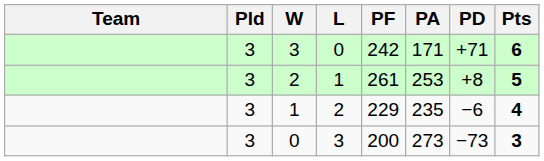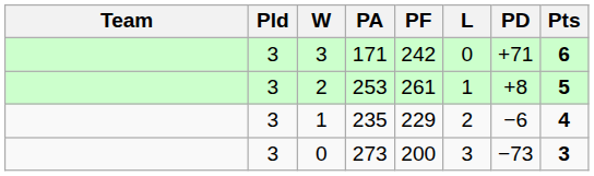 <table class=wikitable style="text-align:center">
 <tr>
 <th width=180>Team</th>
 <th width=30>Pld</th>
 <th width=30>W</th>
+<th width=30>PA</th>
+<th width=30>PF</th>
 <th width=30>L</th>
-<th width=30>PF</th>
-<th width=30>PA</th>
 <th width=30>PD</th>
 <th width=30>Pts</th>
 </tr>
 <tr align=center bgcolor="#ccffcc">
 <td align=left></td>
 <td>3</td>
 <td>3</td>
+<td>171</td>
+<td>242</td>
 <td>0</td>
-<td>242</td>
-<td>171</td>
 <td>+71</td>
 <td><strong>6</strong></td>
 </tr>
 <tr align=center bgcolor="#ccffcc">
 <td align=left></td>
 <td>3</td>
 <td>2</td>
+<td>253</td>
+<td>261</td>
 <td>1</td>
-<td>261</td>
-<td>253</td>
 <td>+8</td>
 <td><strong>5</strong></td>
 </tr>
 <tr align=center>
 <td align=left></td>
 <td>3</td>
 <td>1</td>
+<td>235</td>
+<td>229</td>
 <td>2</td>
-<td>229</td>
-<td>235</td>
 <td>−6</td>
 <td><strong>4</strong></td>
 </tr>
 <tr align=center>
 <td align=left></td>
 <td>3</td>
 <td>0</td>
+<td>273</td>
+<td>200</td>
 <td>3</td>
-<td>200</td>
-<td>273</td>
 <td>−73</td>
 <td><strong>3</strong></td>
 </tr>
 </table>
